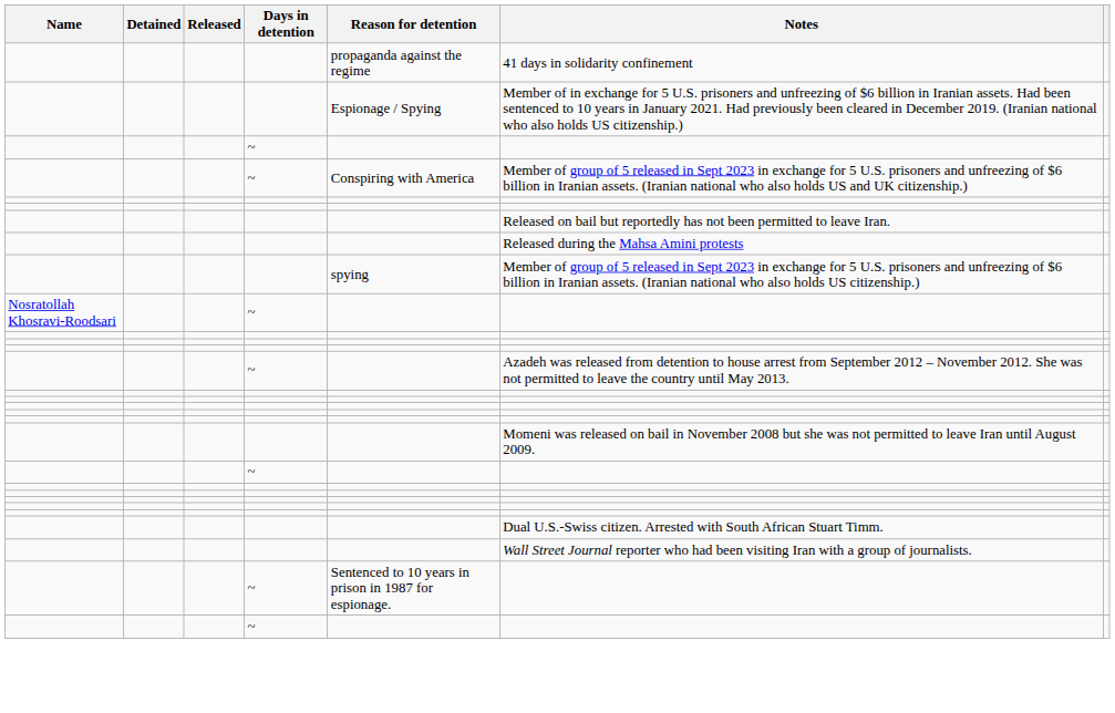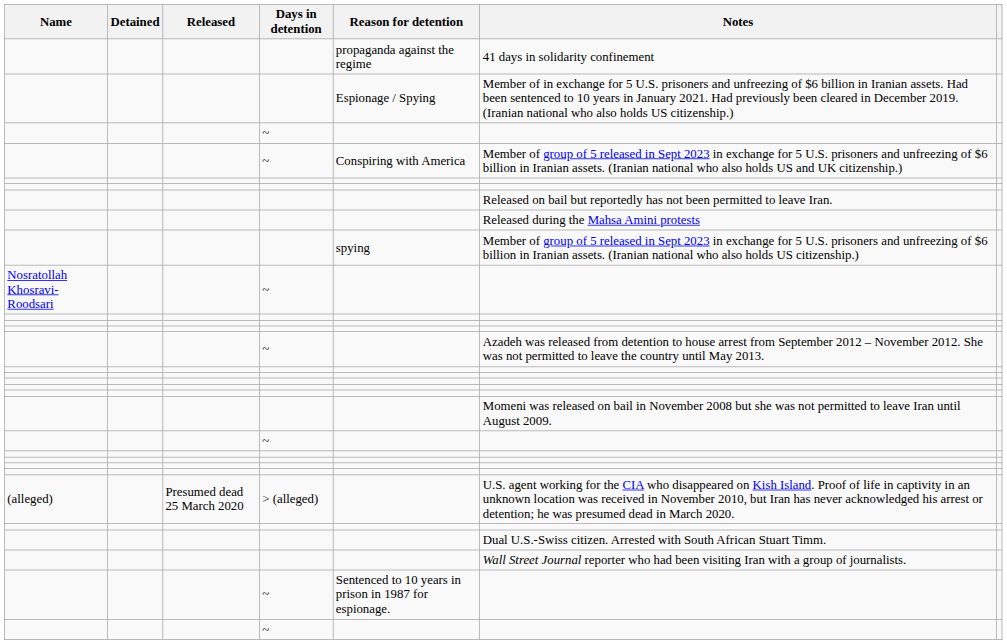 <table class="wikitable sortable">
 <tr>
 <th>Name</th>
 <th>Detained</th>
 <th>Released</th>
 <th>Days in detention</th>
 <th>Reason for detention</th>
 <th>Notes</th>
 <th class="unsortable"></th>
 </tr>
 <tr>
 <td></td>
 <td></td>
 <td></td>
 <td></td>
 <td>propaganda against the regime</td>
 <td>41 days in solidarity confinement</td>
 <td></td>
 </tr>
 <tr>
 <td></td>
 <td></td>
 <td></td>
 <td></td>
 <td>Espionage / Spying</td>
 <td>Member of <a href='#'></a> in exchange for 5 U.S. prisoners and unfreezing of $6 billion in Iranian assets. Had been sentenced to 10 years in January 2021. Had previously been cleared in December 2019.  (Iranian national who also holds US citizenship.)</td>
 <td align="center"></td>
 </tr>
 <tr>
 <td></td>
 <td></td>
 <td></td>
 <td>~</td>
 <td></td>
 <td></td>
 <td align="center"></td>
 </tr>
 <tr>
 <td></td>
 <td></td>
 <td></td>
 <td>~</td>
 <td>Conspiring with America</td>
 <td>Member of <a href='#'>group of 5 released in Sept 2023</a> in exchange for 5 U.S. prisoners and unfreezing of $6 billion in Iranian assets. (Iranian national who also holds US and UK citizenship.)</td>
 <td align="center"></td>
 </tr>
 <tr>
 <td></td>
 <td></td>
 <td></td>
 <td></td>
 <td></td>
 <td></td>
 <td align="center"></td>
 </tr>
 <tr>
 <td></td>
 <td></td>
 <td></td>
 <td></td>
 <td></td>
 <td></td>
 <td align="center"></td>
 </tr>
 <tr>
 <td></td>
 <td></td>
 <td></td>
 <td></td>
 <td></td>
 <td>Released on bail but reportedly has not been permitted to leave Iran.</td>
 <td align="center"></td>
 </tr>
 <tr>
 <td></td>
 <td></td>
 <td></td>
 <td></td>
 <td></td>
 <td>Released during the <a href='#'>Mahsa Amini protests</a></td>
 <td align="center"></td>
 </tr>
 <tr>
 <td></td>
 <td></td>
 <td></td>
 <td></td>
 <td>spying</td>
 <td>Member of <a href='#'>group of 5 released in Sept 2023</a> in exchange for 5 U.S. prisoners and unfreezing of $6 billion in Iranian assets. (Iranian national who also holds US citizenship.)</td>
 <td align="center"></td>
 </tr>
 <tr>
 <td><a href='#'>Nosratollah Khosravi-Roodsari</a></td>
 <td></td>
 <td></td>
 <td>~</td>
 <td></td>
 <td></td>
 <td align="center"></td>
 </tr>
 <tr>
 <td></td>
 <td></td>
 <td></td>
 <td></td>
 <td></td>
 <td></td>
 <td align="center"></td>
 </tr>
 <tr>
 <td></td>
 <td></td>
 <td></td>
 <td></td>
 <td></td>
 <td></td>
 <td align="center"></td>
 </tr>
 <tr>
 <td></td>
 <td></td>
 <td></td>
 <td></td>
 <td></td>
 <td></td>
 <td align="center"></td>
 </tr>
 <tr>
 <td></td>
 <td></td>
 <td></td>
 <td>~</td>
 <td></td>
 <td>Azadeh was released from detention to house arrest from September 2012 – November 2012. She was not permitted to leave the country until May 2013.</td>
 <td align="center"></td>
 </tr>
 <tr>
 <td></td>
 <td></td>
 <td></td>
 <td></td>
 <td></td>
 <td></td>
 <td align="center"></td>
 </tr>
 <tr>
 <td></td>
 <td></td>
 <td></td>
 <td></td>
 <td></td>
 <td></td>
 <td align="center"></td>
 </tr>
 <tr>
 <td></td>
 <td></td>
 <td></td>
 <td></td>
 <td></td>
 <td></td>
 <td align="center"></td>
 </tr>
 <tr>
 <td></td>
 <td></td>
 <td></td>
 <td></td>
 <td></td>
 <td></td>
 <td align="center"></td>
 </tr>
 <tr>
 <td></td>
 <td></td>
 <td></td>
 <td></td>
 <td></td>
 <td></td>
 <td align="center"></td>
 </tr>
 <tr>
 <td></td>
 <td></td>
 <td></td>
 <td></td>
 <td></td>
 <td>Momeni was released on bail in November 2008 but she was not permitted to leave Iran until August 2009.</td>
 <td align="center"></td>
 </tr>
 <tr>
 <td></td>
 <td></td>
 <td></td>
 <td>~</td>
 <td></td>
 <td></td>
 <td align="center"></td>
 </tr>
 <tr>
 <td></td>
 <td></td>
 <td></td>
 <td></td>
 <td></td>
 <td></td>
 <td align="center"></td>
 </tr>
 <tr>
 <td></td>
 <td></td>
 <td></td>
 <td></td>
 <td></td>
 <td></td>
 <td align="center"></td>
 </tr>
 <tr>
 <td></td>
 <td></td>
 <td></td>
 <td></td>
 <td></td>
 <td></td>
 <td align="center"></td>
 </tr>
 <tr>
 <td></td>
 <td></td>
 <td></td>
 <td></td>
 <td></td>
 <td></td>
 <td align="center"></td>
 </tr>
 <tr>
+<td> (alleged)</td>
+<td></td>
+<td>Presumed dead 25 March 2020</td>
+<td>> (alleged)</td>
+<td></td>
+<td>U.S. agent working for the <a href='#'>CIA</a> who disappeared on <a href='#'>Kish Island</a>. Proof of life in captivity in an unknown location was received in November 2010, but Iran has never acknowledged his arrest or detention; he was presumed dead in March 2020.</td>
+<td></td>
+</tr>
+<tr>
 <td></td>
 <td></td>
 <td></td>
 <td></td>
 <td></td>
 <td></td>
 <td align="center"></td>
 </tr>
 <tr>
 <td></td>
 <td></td>
 <td></td>
 <td></td>
 <td></td>
 <td>Dual U.S.-Swiss citizen. Arrested with South African Stuart Timm.</td>
 <td align="center"></td>
 </tr>
 <tr>
 <td></td>
 <td></td>
 <td></td>
 <td></td>
 <td></td>
 <td><em>Wall Street Journal</em> reporter who had been visiting Iran with a group of journalists.</td>
 <td align="center"></td>
 </tr>
 <tr>
 <td></td>
 <td></td>
 <td></td>
 <td>~</td>
 <td>Sentenced to 10 years in prison in 1987 for espionage.</td>
 <td></td>
 <td align="center"></td>
 </tr>
 <tr>
 <td></td>
 <td></td>
 <td></td>
 <td>~</td>
 <td></td>
 <td></td>
 <td align="center"></td>
 </tr>
 </table>
